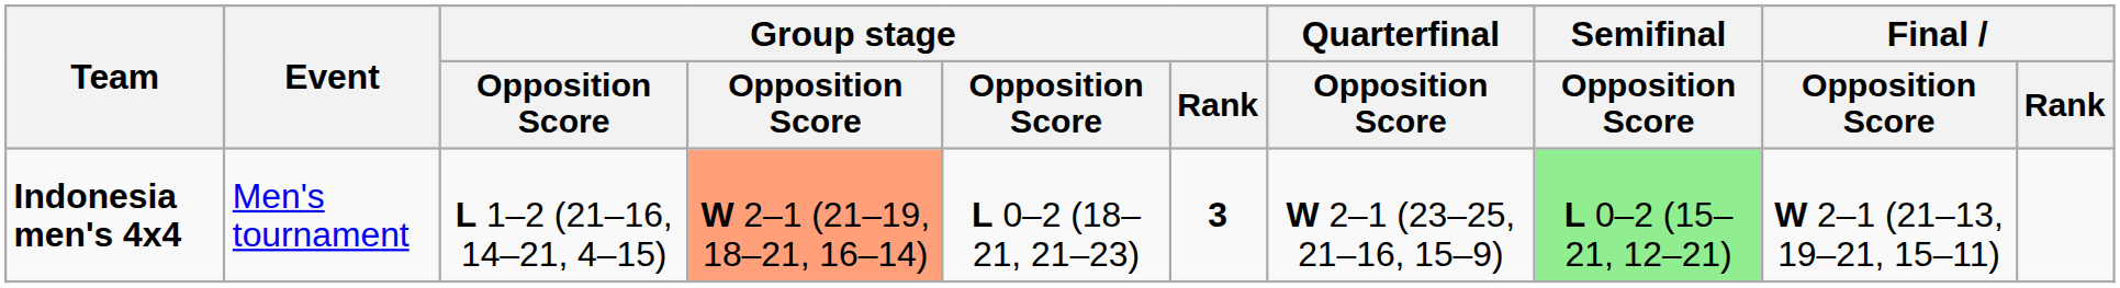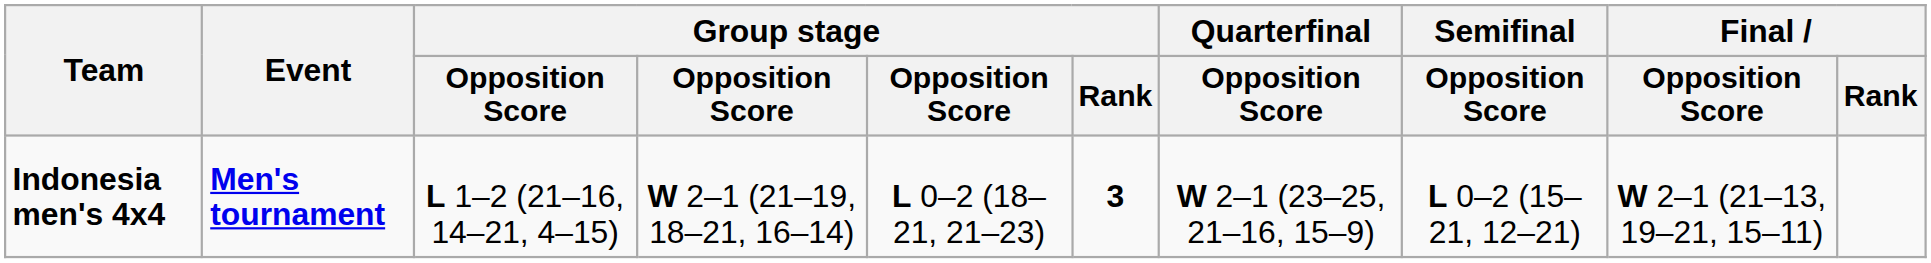 <table class="wikitable" style="text-align:center; font-size:90%">
 <tr>
 <th rowspan=2>Team</th>
 <th rowspan=2>Event</th>
 <th colspan=4>Group stage</th>
 <th>Quarterfinal</th>
 <th>Semifinal</th>
 <th colspan=2>Final / </th>
 </tr>
 <tr style="font-size:95%">
 <th>Opposition<br>Score</th>
 <th>Opposition<br>Score</th>
 <th>Opposition<br>Score</th>
 <th>Rank</th>
 <th>Opposition<br>Score</th>
 <th>Opposition<br>Score</th>
 <th>Opposition<br>Score</th>
 <th>Rank</th>
 </tr>
 <tr>
 <td align="left"><strong>Indonesia men's 4x4</strong></td>
-<td align="left"><a href='#'>Men's tournament</a></td>
+<td align="left"><strong><a href='#'>Men's tournament</a></strong></td>
 <td><br><strong>L</strong> 1–2 (21–16, 14–21, 4–15)</td>
-<td style="background: lightsalmon;"><br><strong>W</strong> 2–1 (21–19, 18–21, 16–14)</td>
+<td><br><strong>W</strong> 2–1 (21–19, 18–21, 16–14)</td>
 <td><br><strong>L</strong> 0–2 (18–21, 21–23)</td>
 <td><strong>3</strong></td>
 <td><br><strong>W</strong> 2–1 (23–25, 21–16, 15–9)</td>
-<td style="background: lightgreen;"><br><strong>L</strong> 0–2 (15–21, 12–21)</td>
+<td><br><strong>L</strong> 0–2 (15–21, 12–21)</td>
 <td><br><strong>W</strong> 2–1 (21–13, 19–21, 15–11)</td>
 <td></td>
 </tr>
 </table>
